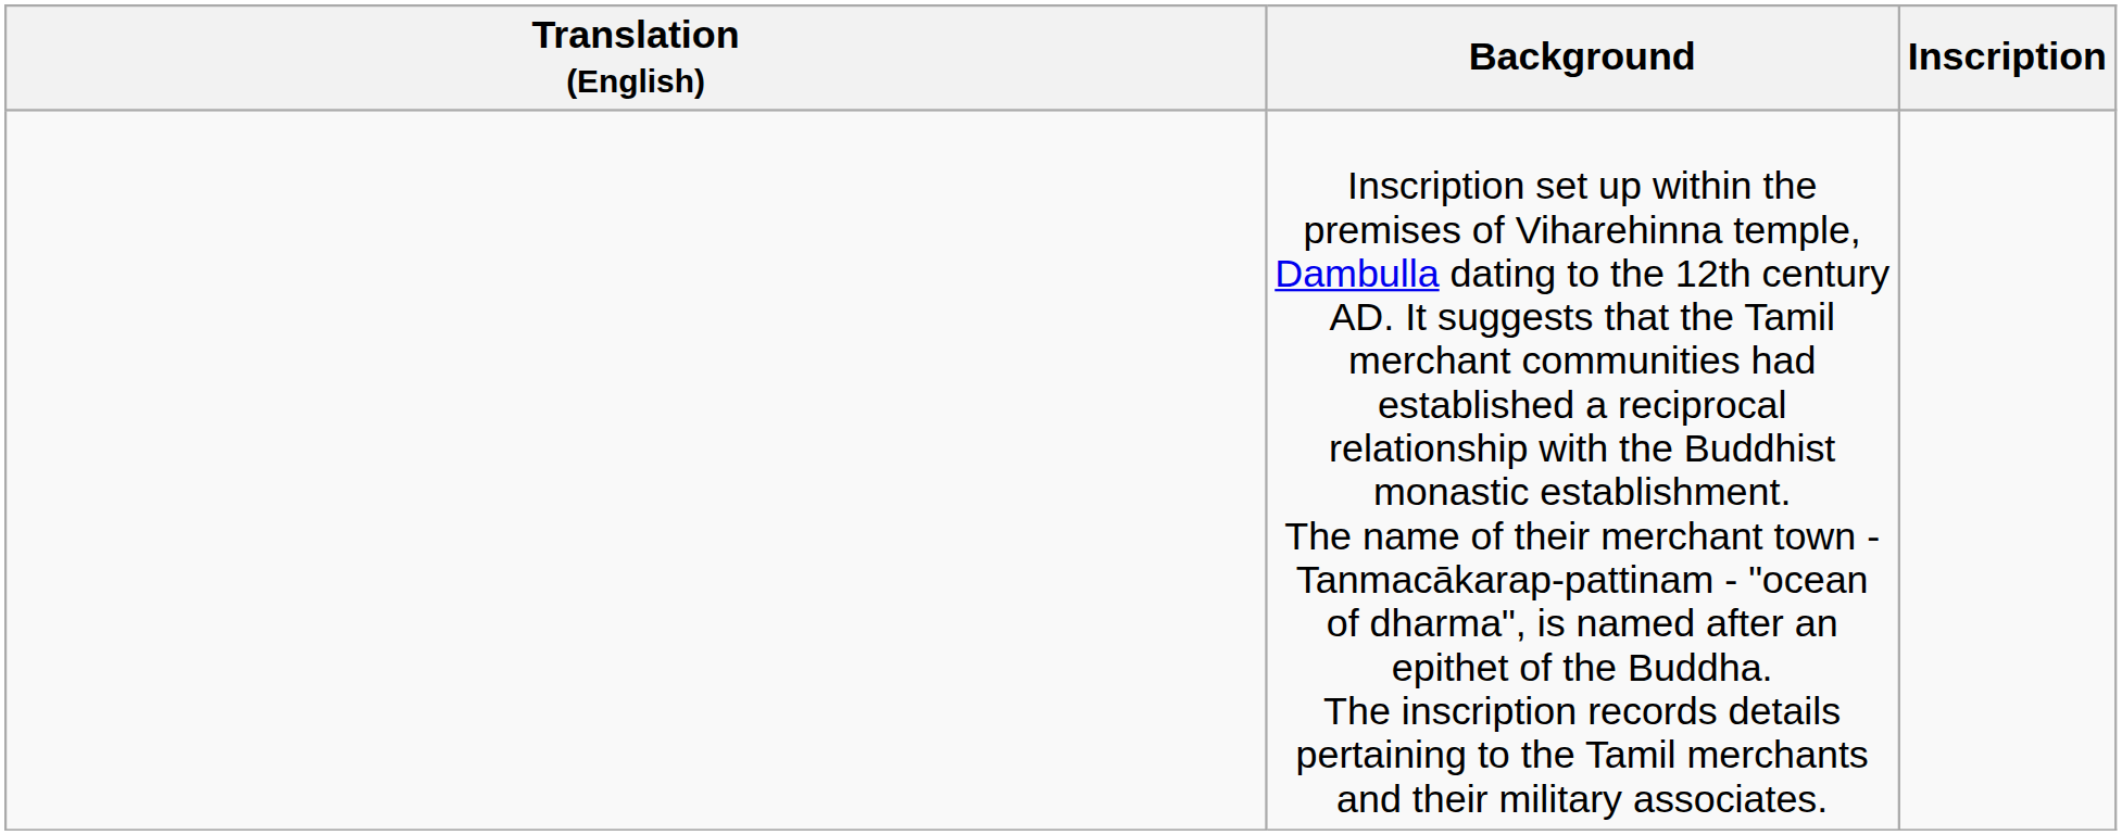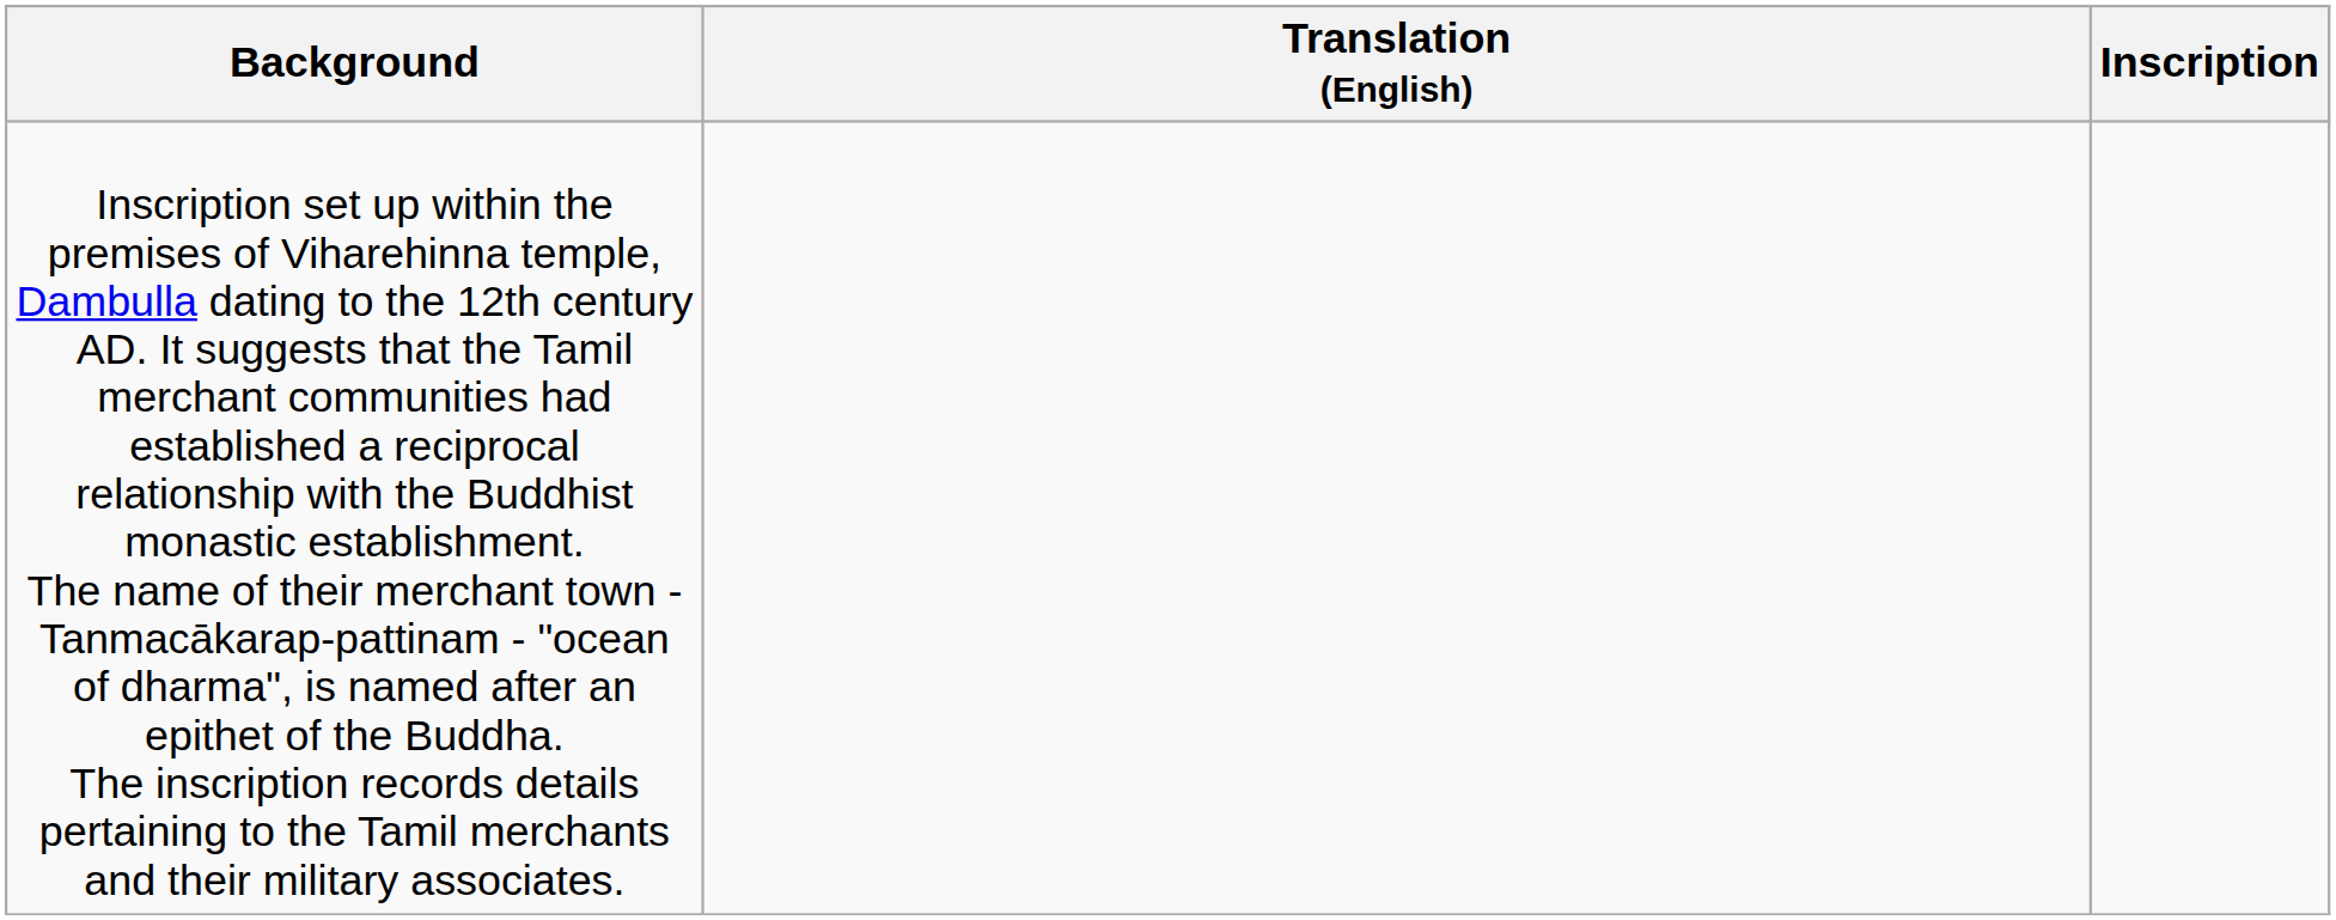 <table class="wikitable centre">
 <tr>
+<th scope="col" align=left>Background<br></th>
 <th>Translation<br><small>(English)</small></th>
-<th scope="col" align=left>Background<br></th>
 <th>Inscription<br></th>
 </tr>
 <tr>
+<td align=center width="30%"><br>Inscription set up within the premises of Viharehinna temple, <a href='#'>Dambulla</a> dating to the 12th century AD. It suggests that the Tamil merchant communities had established a reciprocal relationship with the Buddhist monastic establishment.<br>The name of their merchant town - Tanmacākarap-pattinam - "ocean of dharma", is named after an epithet of the Buddha.<br>The inscription records details pertaining to the Tamil merchants and their military associates.</td>
 <td align=left><br></td>
-<td align=center width="30%"><br>Inscription set up within the premises of Viharehinna temple, <a href='#'>Dambulla</a> dating to the 12th century AD. It suggests that the Tamil merchant communities had established a reciprocal relationship with the Buddhist monastic establishment.<br>The name of their merchant town - Tanmacākarap-pattinam - "ocean of dharma", is named after an epithet of the Buddha.<br>The inscription records details pertaining to the Tamil merchants and their military associates.</td>
 <td align=center width="10%"><br></td>
 </tr>
 </table>
